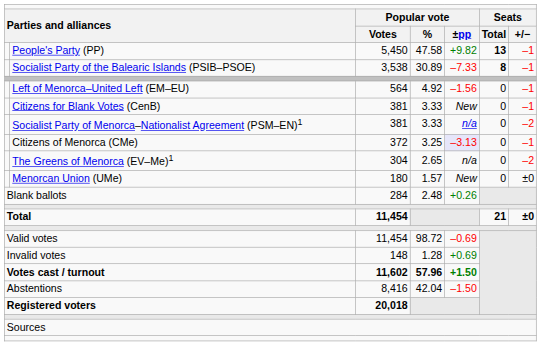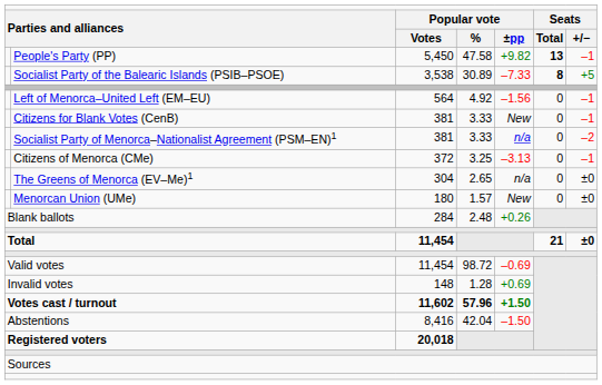 <table class="wikitable" style="text-align:right;">
 <tr>
 <td colspan="7"></td>
 </tr>
 <tr>
 <th style="text-align:left;" rowspan="2" colspan="2" width="525">Parties and alliances</th>
 <th colspan="3">Popular vote</th>
 <th colspan="2">Seats</th>
 </tr>
 <tr>
 <th width="75">Votes</th>
 <th width="45">%</th>
 <th width="45">±<a href='#'>pp</a></th>
 <th width="35">Total</th>
 <th width="35">+/−</th>
 </tr>
 <tr>
 <td width="1" style="color:inherit;background:"></td>
 <td align="left"><a href='#'>People's Party</a> (PP)</td>
 <td>5,450</td>
 <td>47.58</td>
 <td style="color:green;">+9.82</td>
 <td><strong>13</strong></td>
 <td style="color:red;">–1</td>
 </tr>
 <tr>
 <td style="color:inherit;background:"></td>
 <td align="left"><a href='#'>Socialist Party of the Balearic Islands</a> (PSIB–PSOE)</td>
 <td>3,538</td>
 <td>30.89</td>
 <td style="color:red;">–7.33</td>
 <td><strong>8</strong></td>
-<td style="color:red;">–1</td>
+<td style="color:green;">+5</td>
 </tr>
 <tr>
 <td colspan="7" style="color:inherit;background:#C0C0C0"></td>
 </tr>
 <tr>
 <td style="color:inherit;background:"></td>
 <td align="left"><a href='#'>Left of Menorca–United Left</a> (EM–EU)</td>
 <td>564</td>
 <td>4.92</td>
 <td style="color:red;">–1.56</td>
 <td>0</td>
 <td style="color:red;">–1</td>
 </tr>
 <tr>
 <td style="color:inherit;background:"></td>
 <td align="left"><a href='#'>Citizens for Blank Votes</a> (CenB)</td>
 <td>381</td>
 <td>3.33</td>
 <td><em>New</em></td>
 <td>0</td>
 <td style="color:red;">–1</td>
 </tr>
 <tr>
 <td style="color:inherit;background:"></td>
 <td align="left"><a href='#'>Socialist Party of Menorca</a>–<a href='#'>Nationalist Agreement</a> (PSM–EN)<sup>1</sup></td>
 <td>381</td>
 <td>3.33</td>
 <td><em><a href='#'>n/a</a></em></td>
 <td>0</td>
 <td style="color:red;">–2</td>
 </tr>
 <tr>
 <td style="color:inherit;background:"></td>
 <td align="left">Citizens of Menorca (CMe)</td>
 <td>372</td>
 <td>3.25</td>
-<td style="background: lavender; color:red;">–3.13</td>
+<td style="color:red;">–3.13</td>
 <td>0</td>
 <td style="color:red;">–1</td>
 </tr>
 <tr>
 <td style="color:inherit;background:"></td>
 <td align="left"><a href='#'>The Greens of Menorca</a> (EV–Me)<sup>1</sup></td>
 <td>304</td>
 <td>2.65</td>
 <td><em>n/a</em></td>
 <td>0</td>
-<td style="color:red;">–2</td>
+<td>±0</td>
 </tr>
 <tr>
 <td style="color:inherit;background:"></td>
 <td align="left"><a href='#'>Menorcan Union</a> (UMe)</td>
 <td>180</td>
 <td>1.57</td>
 <td><em>New</em></td>
 <td>0</td>
 <td>±0</td>
 </tr>
 <tr>
 <td align="left" colspan="2">Blank ballots</td>
 <td>284</td>
 <td>2.48</td>
 <td style="color:green;">+0.26</td>
 <td style="color:inherit;background:#E9E9E9" colspan="2"></td>
 </tr>
 <tr>
 <td colspan="7" style="color:inherit;background:#E9E9E9"></td>
 </tr>
 <tr style="font-weight:bold;">
 <td align="left" colspan="2">Total</td>
 <td>11,454</td>
 <td bgcolor="#E9E9E9" colspan="2"></td>
 <td>21</td>
 <td>±0</td>
 </tr>
 <tr>
 <td colspan="7" style="color:inherit;background:#E9E9E9"></td>
 </tr>
 <tr>
 <td align="left" colspan="2">Valid votes</td>
 <td>11,454</td>
 <td>98.72</td>
 <td style="color:red;">–0.69</td>
 <td bgcolor="#E9E9E9" colspan="2" rowspan="5"></td>
 </tr>
 <tr>
 <td align="left" colspan="2">Invalid votes</td>
 <td>148</td>
 <td>1.28</td>
 <td style="color:green;">+0.69</td>
 </tr>
 <tr style="font-weight:bold;">
 <td align="left" colspan="2">Votes cast / turnout</td>
 <td>11,602</td>
 <td>57.96</td>
 <td style="color:green;">+1.50</td>
 </tr>
 <tr>
 <td align="left" colspan="2">Abstentions</td>
 <td>8,416</td>
 <td>42.04</td>
 <td style="color:red;">–1.50</td>
 </tr>
 <tr style="font-weight:bold;">
 <td align="left" colspan="2">Registered voters</td>
 <td>20,018</td>
 <td bgcolor="#E9E9E9" colspan="2"></td>
 </tr>
 <tr>
 <td colspan="7" style="color:inherit;background:#E9E9E9"></td>
 </tr>
 <tr>
 <td align="left" colspan="7">Sources</td>
 </tr>
 <tr>
 <td colspan="7" style="text-align:left; max-width:790px;"></td>
 </tr>
 </table>
